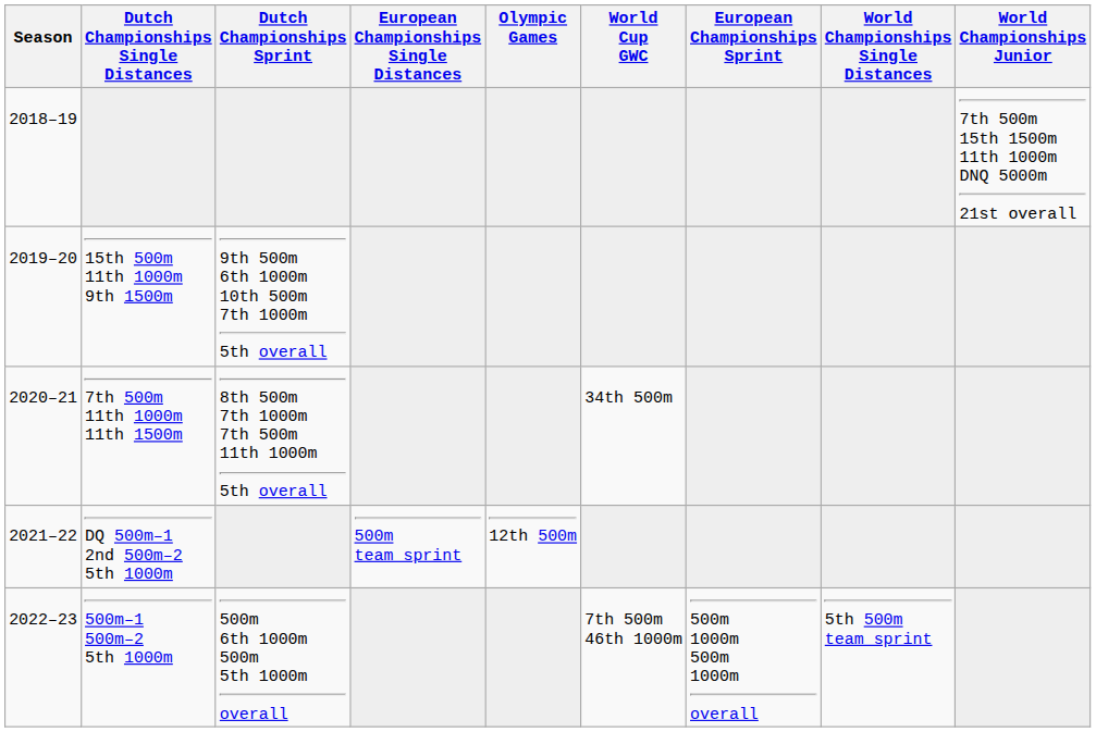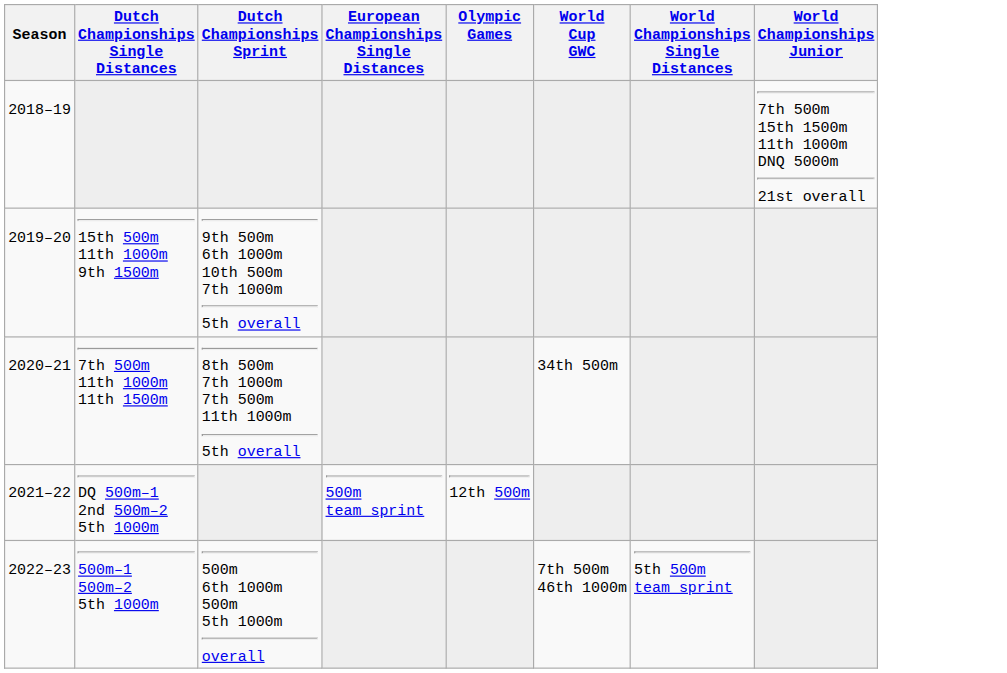 <table class="wikitable">
 <tr style="vertical-align: top;">
 <th><br> Season</th>
 <th><a href='#'>Dutch <br> Championships <br> Single <br> Distances</a></th>
 <th><a href='#'>Dutch <br> Championships <br> Sprint</a></th>
 <th><a href='#'>European <br> Championships <br> Single <br> Distances</a></th>
 <th><a href='#'>Olympic <br> Games</a></th>
 <th><a href='#'>World <br> Cup <br> GWC</a></th>
-<th><a href='#'>European <br> Championships <br> Sprint</a></th>
 <th><a href='#'>World <br> Championships <br> Single <br> Distances</a></th>
 <th><a href='#'>World <br> Championships <br> Junior</a></th>
 </tr>
 <tr style="vertical-align: top;">
 <td><br> 2018–19</td>
 <td bgcolor=#EEEEEE rowspan=1></td>
 <td bgcolor=#EEEEEE rowspan=1></td>
 <td bgcolor=#EEEEEE rowspan=1></td>
 <td bgcolor=#EEEEEE rowspan=1></td>
 <td bgcolor=#EEEEEE rowspan=1></td>
 <td bgcolor=#EEEEEE></td>
-<td bgcolor=#EEEEEE></td>
 <td> <hr> 7th 500m <br> 15th 1500m <br> 11th 1000m <br> DNQ 5000m <hr> 21st overall</td>
 </tr>
 <tr style="vertical-align: top;">
 <td><br> 2019–20</td>
 <td> <hr> 15th <a href='#'>500m</a> <br> 11th <a href='#'>1000m</a> <br> 9th <a href='#'>1500m</a></td>
 <td> <hr> 9th 500m <br> 6th 1000m <br> 10th 500m <br> 7th 1000m <hr> 5th <a href='#'>overall</a></td>
-<td bgcolor=#EEEEEE rowspan=1></td>
 <td bgcolor=#EEEEEE rowspan=1></td>
 <td bgcolor=#EEEEEE rowspan=1></td>
 <td bgcolor=#EEEEEE rowspan=1></td>
 <td bgcolor=#EEEEEE></td>
 <td bgcolor=#EEEEEE></td>
 </tr>
 <tr style="vertical-align: top;">
 <td><br> 2020–21</td>
 <td> <hr> 7th <a href='#'>500m</a> <br> 11th <a href='#'>1000m</a> <br> 11th <a href='#'>1500m</a></td>
 <td> <hr> 8th 500m <br> 7th 1000m <br> 7th 500m <br> 11th 1000m <hr> 5th <a href='#'>overall</a></td>
 <td bgcolor=#EEEEEE rowspan=1></td>
 <td bgcolor=#EEEEEE rowspan=1></td>
 <td><br> 34th 500m</td>
-<td bgcolor=#EEEEEE rowspan=1></td>
 <td bgcolor=#EEEEEE></td>
 <td bgcolor=#EEEEEE></td>
 </tr>
 <tr style="vertical-align: top;">
 <td><br> 2021–22</td>
 <td> <hr> DQ <a href='#'>500m–1</a> <br> 2nd <a href='#'>500m–2</a> <br> 5th <a href='#'>1000m</a></td>
 <td bgcolor=#EEEEEE></td>
 <td> <hr>  <a href='#'>500m</a> <br>  <a href='#'>team sprint</a></td>
 <td> <hr> 12th <a href='#'>500m</a></td>
 <td bgcolor=#EEEEEE></td>
 <td bgcolor=#EEEEEE></td>
 <td bgcolor=#EEEEEE></td>
-<td bgcolor=#EEEEEE></td>
 </tr>
 <tr style="vertical-align: top;">
 <td><br> 2022–23</td>
 <td> <hr>  <a href='#'>500m–1</a> <br>  <a href='#'>500m–2</a> <br> 5th <a href='#'>1000m</a></td>
 <td> <hr>  500m <br> 6th 1000m <br>  500m <br> 5th 1000m <hr>  <a href='#'>overall</a></td>
 <td bgcolor=#EEEEEE></td>
 <td bgcolor=#EEEEEE></td>
 <td><br> 7th 500m <br> 46th 1000m</td>
-<td> <hr>  500m <br>  1000m <br>  500m <br>  1000m <hr>  <a href='#'>overall</a></td>
 <td> <hr> 5th <a href='#'>500m</a> <br>  <a href='#'>team sprint</a></td>
 <td bgcolor=#EEEEEE></td>
 </tr>
 </table>
